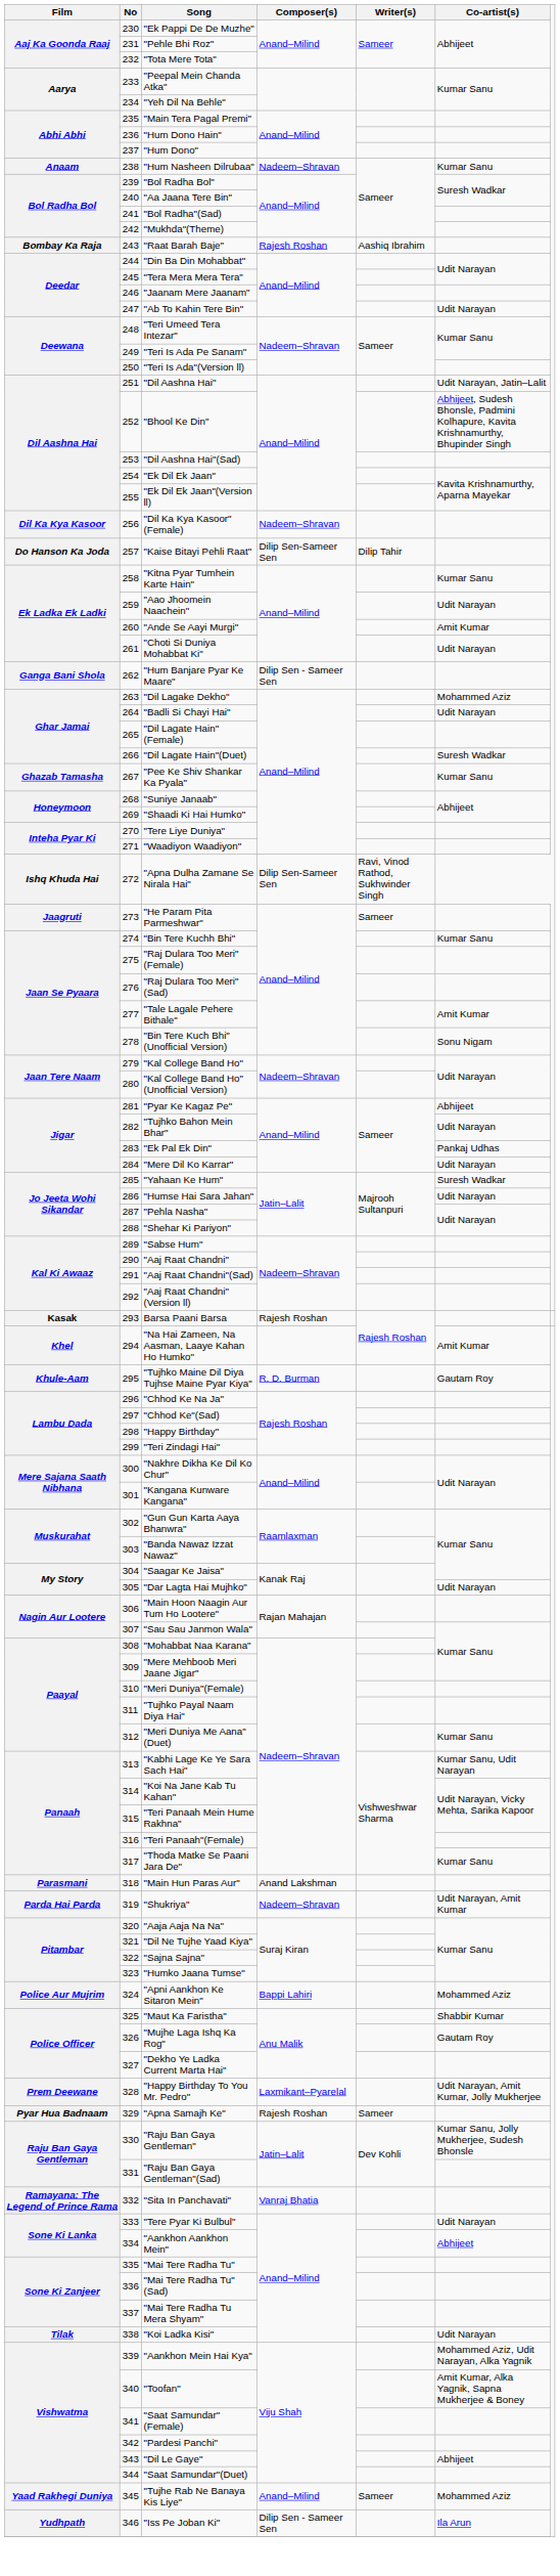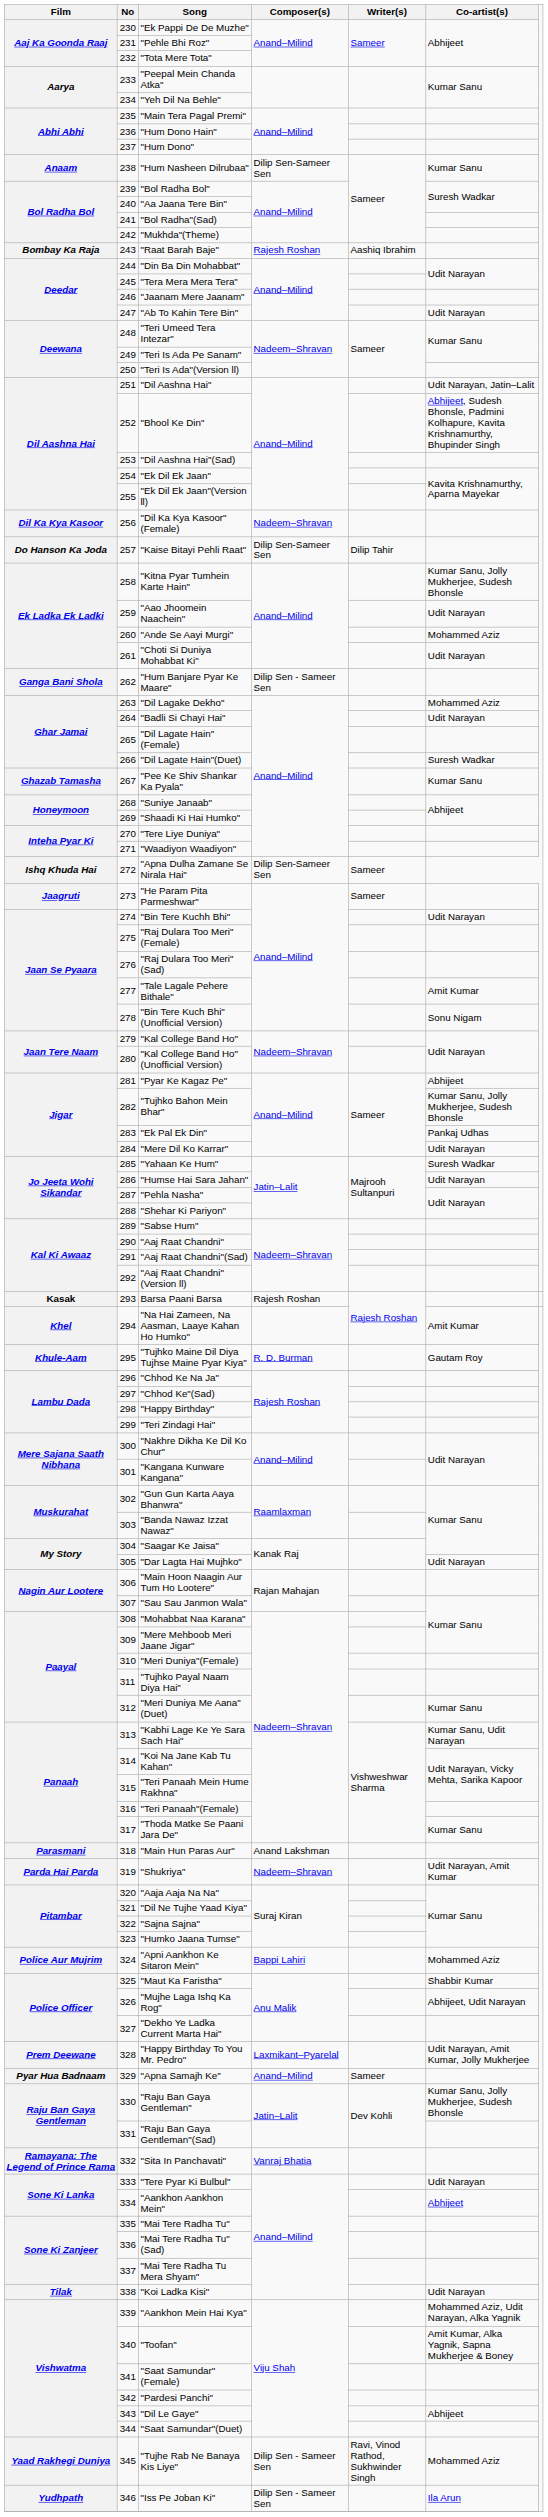 <table class="wikitable plainrowheaders" width="100%" textcolor:#000;">
 <tr>
 <th scope="col" width=21%><strong>Film</strong></th>
 <th><strong>No</strong></th>
 <th scope="col" width=21%><strong>Song</strong></th>
 <th scope="col" width=18%><strong>Composer(s)</strong></th>
 <th>Writer(s)</th>
 <th>Co-artist(s)</th>
 </tr>
 <tr>
 <th rowspan="3"><em><a href='#'>Aaj Ka Goonda Raaj</a></em></th>
 <td>230</td>
 <td>"Ek Pappi De De Muzhe"</td>
 <td rowspan="3"><a href='#'>Anand–Milind</a></td>
 <td rowspan="3"><a href='#'>Sameer</a></td>
 <td rowspan="3">Abhijeet</td>
 </tr>
 <tr>
 <td>231</td>
 <td>"Pehle Bhi Roz"</td>
 </tr>
 <tr>
 <td>232</td>
 <td>"Tota Mere Tota"</td>
 </tr>
 <tr>
 <th rowspan="2"><em>Aarya</em></th>
 <td>233</td>
 <td>"Peepal Mein Chanda Atka"</td>
 <td rowspan="2"></td>
 <td rowspan="2"></td>
 <td rowspan="2">Kumar Sanu</td>
 </tr>
 <tr>
 <td>234</td>
 <td>"Yeh Dil Na Behle"</td>
 </tr>
 <tr>
 <th rowspan="3"><a href='#'><em>Abhi Abhi</em></a></th>
 <td>235</td>
 <td>"Main Tera Pagal Premi"</td>
 <td rowspan="3"><a href='#'>Anand–Milind</a></td>
 <td></td>
 <td></td>
 </tr>
 <tr>
 <td>236</td>
 <td>"Hum Dono Hain"</td>
 <td></td>
 <td></td>
 </tr>
 <tr>
 <td>237</td>
 <td>"Hum Dono"</td>
 <td></td>
 <td></td>
 </tr>
 <tr>
 <th><em><a href='#'>Anaam</a></em></th>
 <td>238</td>
 <td>"Hum Nasheen Dilrubaa"</td>
-<td><a href='#'>Nadeem–Shravan</a></td>
+<td>Dilip Sen-Sameer Sen</td>
 <td rowspan="5">Sameer</td>
 <td>Kumar Sanu</td>
 </tr>
 <tr>
 <th rowspan="4"><em><a href='#'>Bol Radha Bol</a></em></th>
 <td>239</td>
 <td>"Bol Radha Bol"</td>
 <td rowspan="4"><a href='#'>Anand–Milind</a></td>
 <td rowspan="2">Suresh Wadkar</td>
 </tr>
 <tr>
 <td>240</td>
 <td>"Aa Jaana Tere Bin"</td>
 </tr>
 <tr>
 <td>241</td>
 <td>"Bol Radha"(Sad)</td>
 <td></td>
 </tr>
 <tr>
 <td>242</td>
 <td>"Mukhda"(Theme)</td>
 <td></td>
 </tr>
 <tr>
 <th><em>Bombay Ka Raja</em></th>
 <td>243</td>
 <td>"Raat Barah Baje"</td>
 <td><a href='#'>Rajesh Roshan</a></td>
 <td>Aashiq Ibrahim</td>
 <td></td>
 </tr>
 <tr>
 <th rowspan="4"><a href='#'><em>Deedar</em></a></th>
 <td>244</td>
 <td>"Din Ba Din Mohabbat"</td>
 <td rowspan="4"><a href='#'>Anand–Milind</a></td>
 <td></td>
 <td rowspan="2">Udit Narayan</td>
 </tr>
 <tr>
 <td>245</td>
 <td>"Tera Mera Mera Tera"</td>
 <td></td>
 </tr>
 <tr>
 <td>246</td>
 <td>"Jaanam Mere Jaanam"</td>
 <td></td>
 <td></td>
 </tr>
 <tr>
 <td>247</td>
 <td>"Ab To Kahin Tere Bin"</td>
 <td></td>
 <td>Udit Narayan</td>
 </tr>
 <tr>
 <th rowspan="3"><a href='#'><em>Deewana</em></a></th>
 <td>248</td>
 <td>"Teri Umeed Tera Intezar"</td>
 <td rowspan="3"><a href='#'>Nadeem–Shravan</a></td>
 <td rowspan="3">Sameer</td>
 <td rowspan="2">Kumar Sanu</td>
 </tr>
 <tr>
 <td>249</td>
 <td>"Teri Is Ada Pe Sanam"</td>
 </tr>
 <tr>
 <td>250</td>
 <td>"Teri Is Ada"(Version ll)</td>
 <td></td>
 </tr>
 <tr>
 <th rowspan="5"><em><a href='#'>Dil Aashna Hai</a></em></th>
 <td>251</td>
 <td>"Dil Aashna Hai"</td>
 <td rowspan="5"><a href='#'>Anand–Milind</a></td>
 <td></td>
 <td>Udit Narayan, Jatin–Lalit</td>
 </tr>
 <tr>
 <td>252</td>
 <td>"Bhool Ke Din"</td>
 <td></td>
 <td><a href='#'>Abhijeet</a>, Sudesh Bhonsle, Padmini Kolhapure, Kavita Krishnamurthy, Bhupinder Singh</td>
 </tr>
 <tr>
 <td>253</td>
 <td>"Dil Aashna Hai"(Sad)</td>
 <td></td>
 <td></td>
 </tr>
 <tr>
 <td>254</td>
 <td>"Ek Dil Ek Jaan"</td>
 <td></td>
 <td rowspan="2">Kavita Krishnamurthy, Aparna Mayekar</td>
 </tr>
 <tr>
 <td>255</td>
 <td>"Ek Dil Ek Jaan"(Version ll)</td>
 <td></td>
 </tr>
 <tr>
 <th><em><a href='#'>Dil Ka Kya Kasoor</a></em></th>
 <td>256</td>
 <td>"Dil Ka Kya Kasoor"(Female)</td>
 <td><a href='#'>Nadeem–Shravan</a></td>
 <td></td>
 <td></td>
 </tr>
 <tr>
 <th><em>Do Hanson Ka Joda</em></th>
 <td>257</td>
 <td>"Kaise Bitayi Pehli Raat"</td>
 <td>Dilip Sen-Sameer Sen</td>
 <td>Dilip Tahir</td>
 <td></td>
 </tr>
 <tr>
 <th rowspan="4"><em><a href='#'>Ek Ladka Ek Ladki</a></em></th>
 <td>258</td>
 <td>"Kitna Pyar Tumhein Karte Hain"</td>
 <td rowspan="4"><a href='#'>Anand–Milind</a></td>
 <td></td>
-<td>Kumar Sanu</td>
+<td>Kumar Sanu, Jolly Mukherjee, Sudesh Bhonsle</td>
 </tr>
 <tr>
 <td>259</td>
 <td>"Aao Jhoomein Naachein"</td>
 <td></td>
 <td>Udit Narayan</td>
 </tr>
 <tr>
 <td>260</td>
 <td>"Ande Se Aayi Murgi"</td>
 <td></td>
-<td>Amit Kumar</td>
+<td>Mohammed Aziz</td>
 </tr>
 <tr>
 <td>261</td>
 <td>"Choti Si Duniya Mohabbat Ki"</td>
 <td></td>
 <td>Udit Narayan</td>
 </tr>
 <tr>
 <th><em><a href='#'>Ganga Bani Shola</a></em></th>
 <td>262</td>
 <td>"Hum Banjare Pyar Ke Maare"</td>
 <td>Dilip Sen - Sameer Sen</td>
 <td></td>
 <td></td>
 </tr>
 <tr>
 <th rowspan="4"><a href='#'><em>Ghar Jamai</em></a></th>
 <td>263</td>
 <td>"Dil Lagake Dekho"</td>
 <td rowspan="9"><a href='#'>Anand–Milind</a></td>
 <td></td>
 <td>Mohammed Aziz</td>
 </tr>
 <tr>
 <td>264</td>
 <td>"Badli Si Chayi Hai"</td>
 <td></td>
 <td>Udit Narayan</td>
 </tr>
 <tr>
 <td>265</td>
 <td>"Dil Lagate Hain"(Female)</td>
 <td></td>
 <td></td>
 </tr>
 <tr>
 <td>266</td>
 <td>"Dil Lagate Hain"(Duet)</td>
 <td></td>
 <td>Suresh Wadkar</td>
 </tr>
 <tr>
 <th><em><a href='#'>Ghazab Tamasha</a></em></th>
 <td>267</td>
 <td>"Pee Ke Shiv Shankar Ka Pyala"</td>
 <td></td>
 <td>Kumar Sanu</td>
 </tr>
 <tr>
 <th rowspan="2"><a href='#'><em>Honeymoon</em></a></th>
 <td>268</td>
 <td>"Suniye Janaab"</td>
 <td></td>
 <td rowspan="2">Abhijeet</td>
 </tr>
 <tr>
 <td>269</td>
 <td>"Shaadi Ki Hai Humko"</td>
 <td></td>
 </tr>
 <tr>
 <th rowspan="2"><a href='#'><em>Inteha Pyar Ki</em></a></th>
 <td>270</td>
 <td>"Tere Liye Duniya"</td>
 <td></td>
 <td></td>
 </tr>
 <tr>
 <td>271</td>
 <td>"Waadiyon Waadiyon"</td>
 <td></td>
 <td></td>
 </tr>
 <tr>
 <th><em>Ishq Khuda Hai</em></th>
 <td>272</td>
 <td>"Apna Dulha Zamane Se Nirala Hai"</td>
 <td>Dilip Sen-Sameer Sen</td>
-<td>Ravi, Vinod Rathod, Sukhwinder Singh</td>
+<td>Sameer</td>
 </tr>
 <tr>
 <th><em><a href='#'>Jaagruti</a></em></th>
 <td>273</td>
 <td>"He Param Pita Parmeshwar"</td>
 <td rowspan="6"><a href='#'>Anand–Milind</a></td>
 <td>Sameer</td>
 <td></td>
 </tr>
 <tr>
 <th rowspan="5"><em><a href='#'>Jaan Se Pyaara</a></em></th>
 <td>274</td>
 <td>"Bin Tere Kuchh Bhi"</td>
 <td></td>
-<td>Kumar Sanu</td>
+<td>Udit Narayan</td>
 </tr>
 <tr>
 <td>275</td>
 <td>"Raj Dulara Too Meri"(Female)</td>
 <td></td>
 <td></td>
 </tr>
 <tr>
 <td>276</td>
 <td>"Raj Dulara Too Meri"(Sad)</td>
 <td></td>
 <td></td>
 </tr>
 <tr>
 <td>277</td>
 <td>"Tale Lagale Pehere Bithale"</td>
 <td></td>
 <td>Amit Kumar</td>
 </tr>
 <tr>
 <td>278</td>
 <td>"Bin Tere Kuch Bhi" (Unofficial Version)</td>
 <td></td>
 <td>Sonu Nigam</td>
 </tr>
 <tr>
 <th rowspan="2"><em><a href='#'>Jaan Tere Naam</a></em></th>
 <td>279</td>
 <td>"Kal College Band Ho"</td>
 <td rowspan="2"><a href='#'>Nadeem–Shravan</a></td>
 <td></td>
 <td rowspan="2">Udit Narayan</td>
 </tr>
 <tr>
 <td>280</td>
 <td>"Kal College Band Ho"(Unofficial Version)</td>
 <td></td>
 </tr>
 <tr>
 <th rowspan="4"><em><a href='#'>Jigar</a></em></th>
 <td>281</td>
 <td>"Pyar Ke Kagaz Pe"</td>
 <td rowspan="4"><a href='#'>Anand–Milind</a></td>
 <td rowspan="4">Sameer</td>
 <td>Abhijeet</td>
 </tr>
 <tr>
 <td>282</td>
 <td>"Tujhko Bahon Mein Bhar"</td>
-<td>Udit Narayan</td>
+<td>Kumar Sanu, Jolly Mukherjee, Sudesh Bhonsle</td>
 </tr>
 <tr>
 <td>283</td>
 <td>"Ek Pal Ek Din"</td>
 <td>Pankaj Udhas</td>
 </tr>
 <tr>
 <td>284</td>
 <td>"Mere Dil Ko Karrar"</td>
 <td>Udit Narayan</td>
 </tr>
 <tr>
 <th rowspan="4"><em><a href='#'>Jo Jeeta Wohi Sikandar</a></em></th>
 <td>285</td>
 <td>"Yahaan Ke Hum"</td>
 <td rowspan="4"><a href='#'>Jatin–Lalit</a></td>
 <td rowspan="4">Majrooh Sultanpuri</td>
 <td>Suresh Wadkar</td>
 </tr>
 <tr>
 <td>286</td>
 <td>"Humse Hai Sara Jahan"</td>
 <td>Udit Narayan</td>
 </tr>
 <tr>
 <td>287</td>
 <td>"Pehla Nasha"</td>
 <td rowspan="2">Udit Narayan</td>
 </tr>
 <tr>
 <td>288</td>
 <td>"Shehar Ki Pariyon"</td>
 </tr>
 <tr>
 <th rowspan="4"><a href='#'><em>Kal Ki Awaaz</em></a></th>
 <td>289</td>
 <td>"Sabse Hum"</td>
 <td rowspan="4"><a href='#'>Nadeem–Shravan</a></td>
 <td></td>
 <td></td>
 </tr>
 <tr>
 <td>290</td>
 <td>"Aaj Raat Chandni"</td>
 <td></td>
 <td></td>
 </tr>
 <tr>
 <td>291</td>
 <td>"Aaj Raat Chandni"(Sad)</td>
 <td></td>
 <td></td>
 </tr>
 <tr>
 <td>292</td>
 <td>"Aaj Raat Chandni"(Version ll)</td>
 <td></td>
 <td></td>
 </tr>
 <tr>
 <th>Kasak</th>
 <td>293</td>
 <td>Barsa Paani Barsa</td>
 <td>Rajesh Roshan</td>
 <td rowspan="2"><a href='#'>Rajesh Roshan</a></td>
 <td></td>
 <td></td>
 </tr>
 <tr>
 <th><a href='#'><em>Khel</em></a></th>
 <td>294</td>
 <td>"Na Hai Zameen, Na Aasman, Laaye Kahan Ho Humko"</td>
 <td></td>
 <td>Amit Kumar</td>
 </tr>
 <tr>
 <th><em><a href='#'>Khule-Aam</a></em></th>
 <td>295</td>
 <td>"Tujhko Maine Dil Diya Tujhse Maine Pyar Kiya"</td>
 <td><a href='#'>R. D. Burman</a></td>
 <td></td>
 <td>Gautam Roy</td>
 </tr>
 <tr>
 <th rowspan="4"><a href='#'><em>Lambu Dada</em></a></th>
 <td>296</td>
 <td>"Chhod Ke Na Ja"</td>
 <td rowspan="4"><a href='#'>Rajesh Roshan</a></td>
 <td></td>
 <td></td>
 </tr>
 <tr>
 <td>297</td>
 <td>"Chhod Ke"(Sad)</td>
 <td></td>
 <td></td>
 </tr>
 <tr>
 <td>298</td>
 <td>"Happy Birthday"</td>
 <td></td>
 <td></td>
 </tr>
 <tr>
 <td>299</td>
 <td>"Teri Zindagi Hai"</td>
 <td></td>
 <td></td>
 </tr>
 <tr>
 <th rowspan="2"><em><a href='#'>Mere Sajana Saath Nibhana</a></em></th>
 <td>300</td>
 <td>"Nakhre Dikha Ke Dil Ko Chur"</td>
 <td rowspan="2"><a href='#'>Anand–Milind</a></td>
 <td></td>
 <td rowspan="2">Udit Narayan</td>
 </tr>
 <tr>
 <td>301</td>
 <td>"Kangana Kunware Kangana"</td>
 <td></td>
 </tr>
 <tr>
 <th rowspan="2"><a href='#'><em>Muskurahat</em></a></th>
 <td>302</td>
 <td>"Gun Gun Karta Aaya Bhanwra"</td>
 <td rowspan="2"><a href='#'>Raamlaxman</a></td>
 <td></td>
 <td rowspan="3">Kumar Sanu</td>
 </tr>
 <tr>
 <td>303</td>
 <td>"Banda Nawaz Izzat Nawaz"</td>
 <td></td>
 </tr>
 <tr>
 <th rowspan="2"><em>My Story</em></th>
 <td>304</td>
 <td>"Saagar Ke Jaisa"</td>
 <td rowspan="2">Kanak Raj</td>
 <td rowspan="2"></td>
 </tr>
 <tr>
 <td>305</td>
 <td>"Dar Lagta Hai Mujhko"</td>
 <td>Udit Narayan</td>
 </tr>
 <tr>
 <th rowspan="2"><em><a href='#'>Nagin Aur Lootere</a></em></th>
 <td>306</td>
 <td>"Main Hoon Naagin Aur Tum Ho Lootere"</td>
 <td rowspan="2">Rajan Mahajan</td>
 <td></td>
 <td></td>
 </tr>
 <tr>
 <td>307</td>
 <td>"Sau Sau Janmon Wala"</td>
 <td></td>
 <td rowspan="3">Kumar Sanu</td>
 </tr>
 <tr>
 <th rowspan="5"><em><a href='#'>Paayal</a></em></th>
 <td>308</td>
 <td>"Mohabbat Naa Karana"</td>
 <td rowspan="10"><a href='#'>Nadeem–Shravan</a></td>
 <td></td>
 </tr>
 <tr>
 <td>309</td>
 <td>"Mere Mehboob Meri Jaane Jigar"</td>
 <td></td>
 </tr>
 <tr>
 <td>310</td>
 <td>"Meri Duniya"(Female)</td>
 <td></td>
 <td></td>
 </tr>
 <tr>
 <td>311</td>
 <td>"Tujhko Payal Naam Diya Hai"</td>
 <td></td>
 <td></td>
 </tr>
 <tr>
 <td>312</td>
 <td>"Meri Duniya Me Aana"(Duet)</td>
 <td></td>
 <td>Kumar Sanu</td>
 </tr>
 <tr>
 <th rowspan="5"><a href='#'><em>Panaah</em></a></th>
 <td>313</td>
 <td>"Kabhi Lage Ke Ye Sara Sach Hai"</td>
 <td rowspan="5">Vishweshwar Sharma</td>
 <td>Kumar Sanu, Udit Narayan</td>
 </tr>
 <tr>
 <td>314</td>
 <td>"Koi Na Jane Kab Tu Kahan"</td>
 <td rowspan="2">Udit Narayan, Vicky Mehta, Sarika Kapoor</td>
 </tr>
 <tr>
 <td>315</td>
 <td>"Teri Panaah Mein Hume Rakhna"</td>
 </tr>
 <tr>
 <td>316</td>
 <td>"Teri Panaah"(Female)</td>
 <td></td>
 </tr>
 <tr>
 <td>317</td>
 <td>"Thoda Matke Se Paani Jara De"</td>
 <td>Kumar Sanu</td>
 </tr>
 <tr>
 <th><a href='#'><em>Parasmani</em></a></th>
 <td>318</td>
 <td>"Main Hun Paras Aur"</td>
 <td>Anand Lakshman</td>
 <td></td>
 <td></td>
 </tr>
 <tr>
 <th><a href='#'><em>Parda Hai Parda</em></a></th>
 <td>319</td>
 <td>"Shukriya"</td>
 <td><a href='#'>Nadeem–Shravan</a></td>
 <td></td>
 <td>Udit Narayan, Amit Kumar</td>
 </tr>
 <tr>
 <th rowspan="4"><em><a href='#'>Pitambar</a></em></th>
 <td>320</td>
 <td>"Aaja Aaja Na Na"</td>
 <td rowspan="4">Suraj Kiran</td>
 <td></td>
 <td rowspan="4">Kumar Sanu</td>
 </tr>
 <tr>
 <td>321</td>
 <td>"Dil Ne Tujhe Yaad Kiya"</td>
 <td></td>
 </tr>
 <tr>
 <td>322</td>
 <td>"Sajna Sajna"</td>
 <td></td>
 </tr>
 <tr>
 <td>323</td>
 <td>"Humko Jaana Tumse"</td>
 <td></td>
 </tr>
 <tr>
 <th><em><a href='#'>Police Aur Mujrim</a></em></th>
 <td>324</td>
 <td>"Apni Aankhon Ke Sitaron Mein"</td>
 <td><a href='#'>Bappi Lahiri</a></td>
 <td></td>
 <td>Mohammed Aziz</td>
 </tr>
 <tr>
 <th rowspan="3"><a href='#'><em>Police Officer</em></a></th>
 <td>325</td>
 <td>"Maut Ka Faristha"</td>
 <td rowspan="3"><a href='#'>Anu Malik</a></td>
 <td></td>
 <td>Shabbir Kumar</td>
 </tr>
 <tr>
 <td>326</td>
 <td>"Mujhe Laga Ishq Ka Rog"</td>
 <td></td>
-<td>Gautam Roy</td>
+<td>Abhijeet, Udit Narayan</td>
 </tr>
 <tr>
 <td>327</td>
 <td>"Dekho Ye Ladka Current Marta Hai"</td>
 <td></td>
 <td></td>
 </tr>
 <tr>
 <th><em><a href='#'>Prem Deewane</a></em></th>
 <td>328</td>
 <td>"Happy Birthday To You Mr. Pedro"</td>
 <td><a href='#'>Laxmikant–Pyarelal</a></td>
 <td></td>
 <td>Udit Narayan, Amit Kumar, Jolly Mukherjee</td>
 </tr>
 <tr>
 <th><em>Pyar Hua Badnaam</em></th>
 <td>329</td>
 <td>"Apna Samajh Ke"</td>
-<td>Rajesh Roshan</td>
+<td><a href='#'>Anand–Milind</a></td>
 <td>Sameer</td>
 <td></td>
 </tr>
 <tr>
 <th rowspan="2"><em><a href='#'>Raju Ban Gaya Gentleman</a></em></th>
 <td>330</td>
 <td>"Raju Ban Gaya Gentleman"</td>
 <td rowspan="2"><a href='#'>Jatin–Lalit</a></td>
 <td rowspan="2">Dev Kohli</td>
 <td>Kumar Sanu, Jolly Mukherjee, Sudesh Bhonsle</td>
 </tr>
 <tr>
 <td>331</td>
 <td>"Raju Ban Gaya Gentleman"(Sad)</td>
 <td></td>
 </tr>
 <tr>
 <th><em><a href='#'>Ramayana: The Legend of Prince Rama</a></em></th>
 <td>332</td>
 <td>"Sita In Panchavati"</td>
 <td><a href='#'>Vanraj Bhatia</a></td>
 <td></td>
 <td></td>
 </tr>
 <tr>
 <th rowspan="2"><em><a href='#'>Sone Ki Lanka</a></em></th>
 <td>333</td>
 <td>"Tere Pyar Ki Bulbul"</td>
 <td rowspan="6"><a href='#'>Anand–Milind</a></td>
 <td></td>
 <td>Udit Narayan</td>
 </tr>
 <tr>
 <td>334</td>
 <td>"Aankhon Aankhon Mein"</td>
 <td></td>
 <td><a href='#'>Abhijeet</a></td>
 </tr>
 <tr>
 <th rowspan="3"><a href='#'><em>Sone Ki Zanjeer</em></a></th>
 <td>335</td>
 <td>"Mai Tere Radha Tu"</td>
 <td></td>
 <td></td>
 </tr>
 <tr>
 <td>336</td>
 <td>"Mai Tere Radha Tu"(Sad)</td>
 <td></td>
 <td></td>
 </tr>
 <tr>
 <td>337</td>
 <td>"Mai Tere Radha Tu Mera Shyam"</td>
 <td></td>
 <td></td>
 </tr>
 <tr>
 <th><a href='#'><em>Tilak</em></a></th>
 <td>338</td>
 <td>"Koi Ladka Kisi"</td>
 <td></td>
 <td>Udit Narayan</td>
 </tr>
 <tr>
 <th rowspan="6"><em><a href='#'>Vishwatma</a></em></th>
 <td>339</td>
 <td>"Aankhon Mein Hai Kya"</td>
 <td rowspan="6"><a href='#'>Viju Shah</a></td>
 <td></td>
 <td>Mohammed Aziz, Udit Narayan, Alka Yagnik</td>
 </tr>
 <tr>
 <td>340</td>
 <td>"Toofan"</td>
 <td></td>
 <td>Amit Kumar, Alka Yagnik, Sapna Mukherjee & Boney</td>
 </tr>
 <tr>
 <td>341</td>
 <td>"Saat Samundar"(Female)</td>
 <td></td>
 <td></td>
 </tr>
 <tr>
 <td>342</td>
 <td>"Pardesi Panchi"</td>
 <td></td>
 <td></td>
 </tr>
 <tr>
 <td>343</td>
 <td>"Dil Le Gaye"</td>
 <td></td>
 <td>Abhijeet</td>
 </tr>
 <tr>
 <td>344</td>
 <td>"Saat Samundar"(Duet)</td>
 <td></td>
 <td></td>
 </tr>
 <tr>
 <th><em><a href='#'>Yaad Rakhegi Duniya</a></em></th>
 <td>345</td>
 <td>"Tujhe Rab Ne Banaya Kis Liye"</td>
-<td><a href='#'>Anand–Milind</a></td>
-<td>Sameer</td>
+<td>Dilip Sen - Sameer Sen</td>
+<td>Ravi, Vinod Rathod, Sukhwinder Singh</td>
 <td>Mohammed Aziz</td>
 </tr>
 <tr>
 <th><em><a href='#'>Yudhpath</a></em></th>
 <td>346</td>
 <td>"Iss Pe Joban Ki"</td>
 <td>Dilip Sen - Sameer Sen</td>
 <td></td>
 <td><a href='#'>Ila Arun</a></td>
 </tr>
 <tr>
 </tr>
 </table>
